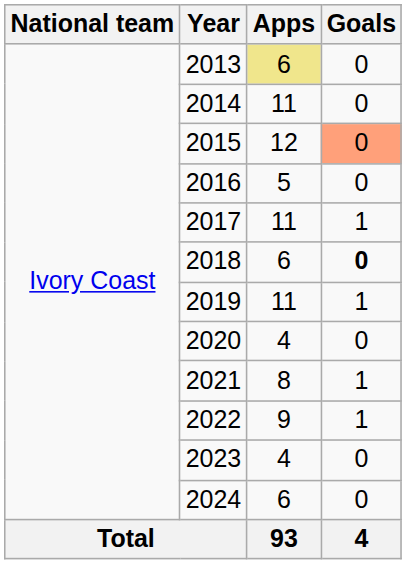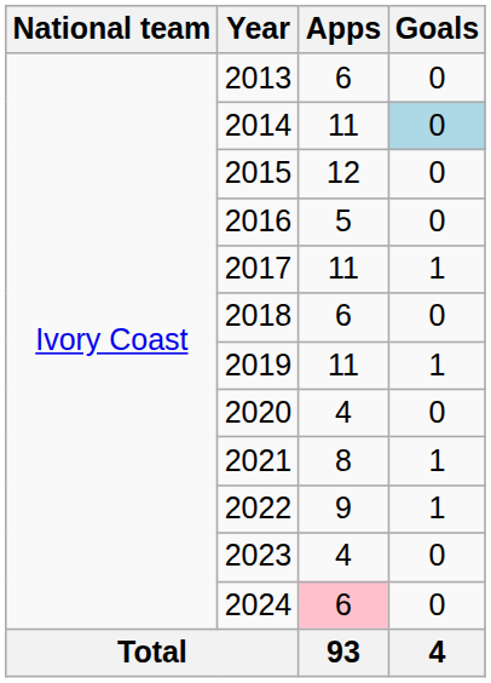 <table class=wikitable style="text-align:center">
 <tr>
 <th>National team</th>
 <th>Year</th>
 <th>Apps</th>
 <th>Goals</th>
 </tr>
 <tr>
 <td rowspan="12"><a href='#'>Ivory Coast</a></td>
 <td>2013</td>
-<td style="background: khaki;">6</td>
+<td>6</td>
 <td>0</td>
 </tr>
 <tr>
 <td>2014</td>
 <td>11</td>
-<td>0</td>
+<td style="background: lightblue;">0</td>
 </tr>
 <tr>
 <td>2015</td>
 <td>12</td>
-<td style="background: lightsalmon;">0</td>
+<td>0</td>
 </tr>
 <tr>
 <td>2016</td>
 <td>5</td>
 <td>0</td>
 </tr>
 <tr>
 <td>2017</td>
 <td>11</td>
 <td>1</td>
 </tr>
 <tr>
 <td>2018</td>
 <td>6</td>
-<td><strong>0</strong></td>
+<td>0</td>
 </tr>
 <tr>
 <td>2019</td>
 <td>11</td>
 <td>1</td>
 </tr>
 <tr>
 <td>2020</td>
 <td>4</td>
 <td>0</td>
 </tr>
 <tr>
 <td>2021</td>
 <td>8</td>
 <td>1</td>
 </tr>
 <tr>
 <td>2022</td>
 <td>9</td>
 <td>1</td>
 </tr>
 <tr>
 <td>2023</td>
 <td>4</td>
 <td>0</td>
 </tr>
 <tr>
 <td>2024</td>
-<td>6</td>
+<td style="background: pink;">6</td>
 <td>0</td>
 </tr>
 <tr>
 <th colspan="2">Total</th>
 <th>93</th>
 <th>4</th>
 </tr>
 </table>
